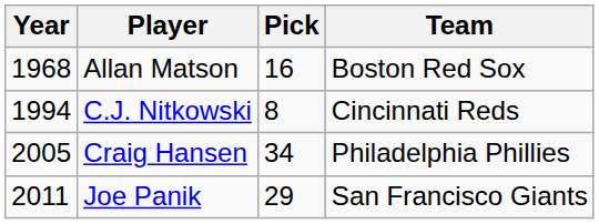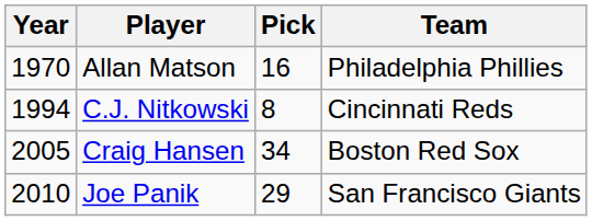 <table class= wikitable>
 <tr>
 <th width=px>Year</th>
 <th width=px>Player</th>
 <th width=px>Pick</th>
 <th width=px>Team</th>
 </tr>
 <tr>
-<td>1968</td>
+<td>1970</td>
 <td>Allan Matson</td>
 <td>16</td>
-<td>Boston Red Sox</td>
+<td>Philadelphia Phillies</td>
 </tr>
 <tr>
 <td>1994</td>
 <td><a href='#'>C.J. Nitkowski</a></td>
 <td>8</td>
 <td>Cincinnati Reds</td>
 </tr>
 <tr>
 <td>2005</td>
 <td><a href='#'>Craig Hansen</a></td>
 <td>34</td>
-<td>Philadelphia Phillies</td>
+<td>Boston Red Sox</td>
 </tr>
 <tr>
-<td>2011</td>
+<td>2010</td>
 <td><a href='#'>Joe Panik</a></td>
 <td>29</td>
 <td>San Francisco Giants</td>
 </tr>
 </table>
